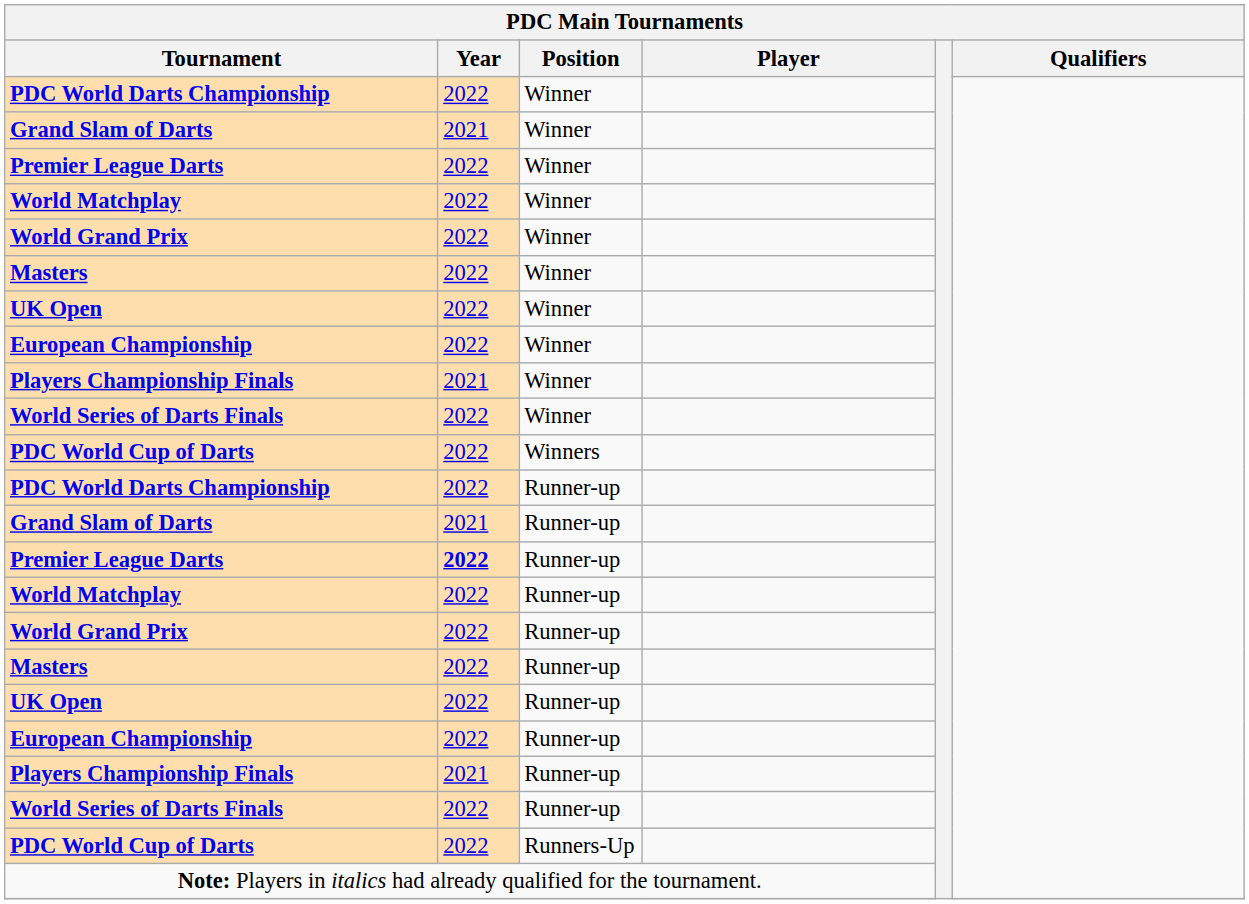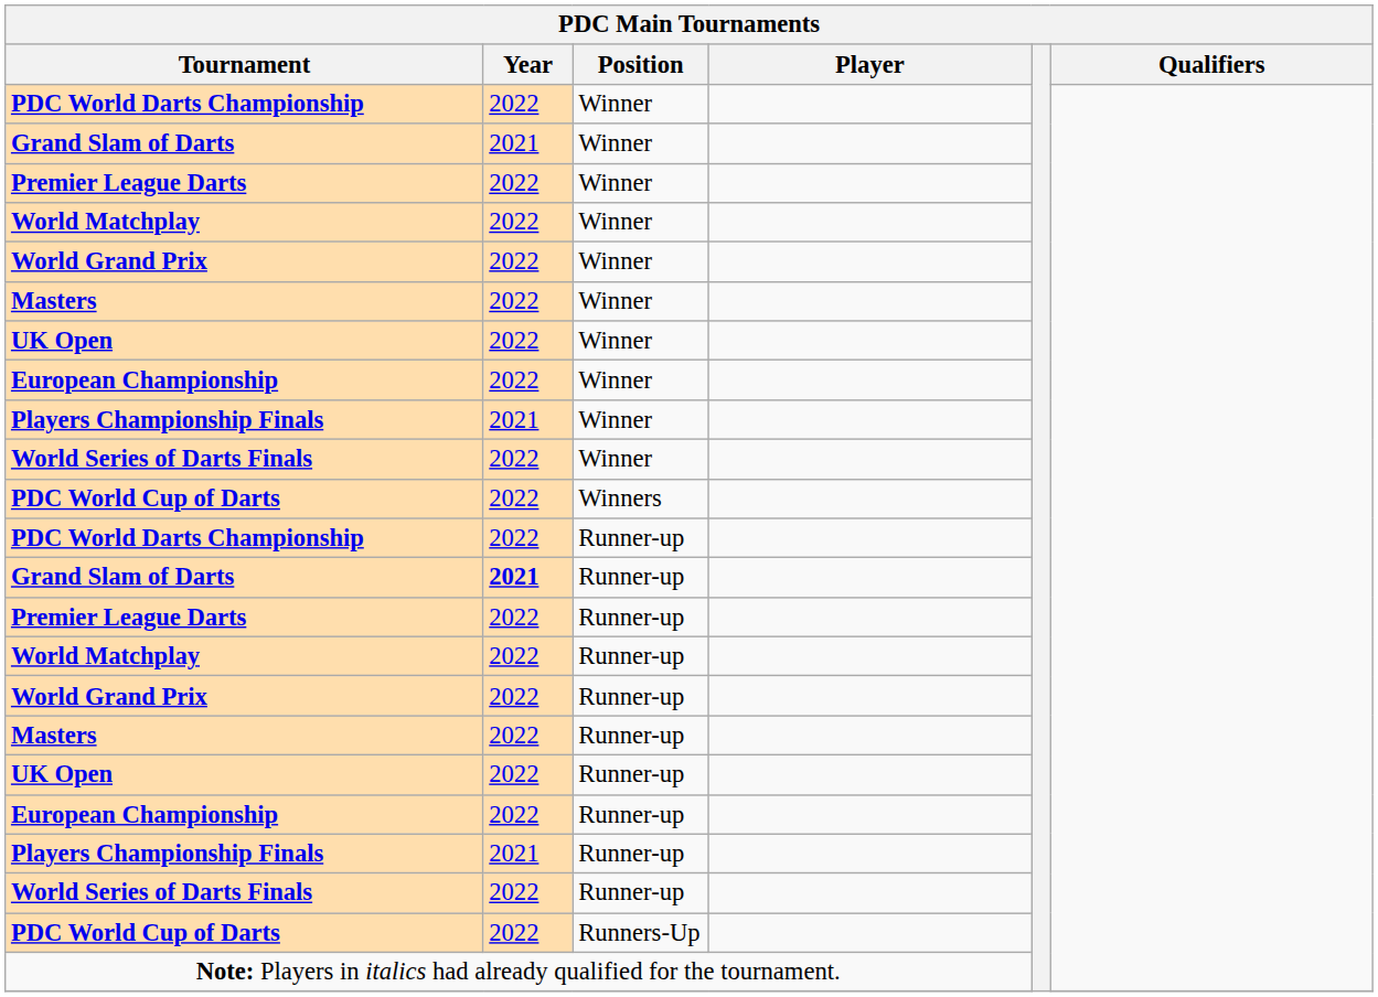 <table class="wikitable">
 <tr>
 <th colspan=6>PDC Main Tournaments</th>
 </tr>
 <tr>
 <th width=300>Tournament</th>
 <th width=50>Year</th>
 <th width=80>Position</th>
 <th width=200>Player</th>
 <th rowspan=28 width=5></th>
 <th width=200>Qualifiers</th>
 </tr>
 <tr>
 <td style="background:#ffdead;"><strong><a href='#'>PDC World Darts Championship</a></strong></td>
 <td style="background:#ffdead;"><a href='#'>2022</a></td>
 <td>Winner</td>
 <td></td>
 <td rowspan=23><br><br><br><br><br><br><br><br><br><br><br><br><br></td>
 </tr>
 <tr>
 <td style="background:#ffdead;"><strong><a href='#'>Grand Slam of Darts</a></strong></td>
 <td style="background:#ffdead;"><a href='#'>2021</a></td>
 <td>Winner</td>
 <td></td>
 </tr>
 <tr>
 <td style="background:#ffdead;"><strong><a href='#'>Premier League Darts</a></strong></td>
 <td style="background:#ffdead;"><a href='#'>2022</a></td>
 <td>Winner</td>
 <td></td>
 </tr>
 <tr>
 <td style="background:#ffdead;"><strong><a href='#'>World Matchplay</a></strong></td>
 <td style="background:#ffdead;"><a href='#'>2022</a></td>
 <td>Winner</td>
 <td><em></em></td>
 </tr>
 <tr>
 <td style="background:#ffdead;"><strong><a href='#'>World Grand Prix</a></strong></td>
 <td style="background:#ffdead;"><a href='#'>2022</a></td>
 <td>Winner</td>
 <td><em></em></td>
 </tr>
 <tr>
 <td style="background:#ffdead;"><strong><a href='#'>Masters</a></strong></td>
 <td style="background:#ffdead;"><a href='#'>2022</a></td>
 <td>Winner</td>
 <td></td>
 </tr>
 <tr>
 <td style="background:#ffdead;"><strong><a href='#'>UK Open</a></strong></td>
 <td style="background:#ffdead;"><a href='#'>2022</a></td>
 <td>Winner</td>
 <td></td>
 </tr>
 <tr>
 <td style="background:#ffdead;"><strong><a href='#'>European Championship</a></strong></td>
 <td style="background:#ffdead;"><a href='#'>2022</a></td>
 <td>Winner</td>
 <td></td>
 </tr>
 <tr>
 <td style="background:#ffdead;"><strong><a href='#'>Players Championship Finals</a></strong></td>
 <td style="background:#ffdead;"><a href='#'>2021</a></td>
 <td>Winner</td>
 <td><em></em></td>
 </tr>
 <tr>
 <td style="background:#ffdead;"><strong><a href='#'>World Series of Darts Finals</a></strong></td>
 <td style="background:#ffdead;"><a href='#'>2022</a></td>
 <td>Winner</td>
 <td><em></em></td>
 </tr>
 <tr>
 <td style="background:#ffdead;"><strong><a href='#'>PDC World Cup of Darts</a></strong></td>
 <td style="background:#ffdead;"><a href='#'>2022</a></td>
 <td>Winners</td>
 <td><br></td>
 </tr>
 <tr>
 <td style="background:#ffdead;"><strong><a href='#'>PDC World Darts Championship</a></strong></td>
 <td style="background:#ffdead;"><a href='#'>2022</a></td>
 <td>Runner-up</td>
 <td></td>
 </tr>
 <tr>
 <td style="background:#ffdead;"><strong><a href='#'>Grand Slam of Darts</a></strong></td>
-<td style="background:#ffdead;"><a href='#'>2021</a></td>
+<td style="background:#ffdead;"><strong><a href='#'>2021</a></strong></td>
 <td>Runner-up</td>
 <td><em></em></td>
 </tr>
 <tr>
 <td style="background:#ffdead;"><strong><a href='#'>Premier League Darts</a></strong></td>
-<td style="background:#ffdead;"><strong><a href='#'>2022</a></strong></td>
+<td style="background:#ffdead;"><a href='#'>2022</a></td>
 <td>Runner-up</td>
 <td><em></em></td>
 </tr>
 <tr>
 <td style="background:#ffdead;"><strong><a href='#'>World Matchplay</a></strong></td>
 <td style="background:#ffdead;"><a href='#'>2022</a></td>
 <td>Runner-up</td>
 <td><em></em></td>
 </tr>
 <tr>
 <td style="background:#ffdead;"><strong><a href='#'>World Grand Prix</a></strong></td>
 <td style="background:#ffdead;"><a href='#'>2022</a></td>
 <td>Runner-up</td>
 <td></td>
 </tr>
 <tr>
 <td style="background:#ffdead;"><strong><a href='#'>Masters</a></strong></td>
 <td style="background:#ffdead;"><a href='#'>2022</a></td>
 <td>Runner-up</td>
 <td></td>
 </tr>
 <tr>
 <td style="background:#ffdead;"><strong><a href='#'>UK Open</a></strong></td>
 <td style="background:#ffdead;"><a href='#'>2022</a></td>
 <td>Runner-up</td>
 <td><em></em></td>
 </tr>
 <tr>
 <td style="background:#ffdead;"><strong><a href='#'>European Championship</a></strong></td>
 <td style="background:#ffdead;"><a href='#'>2022</a></td>
 <td>Runner-up</td>
 <td><em></em></td>
 </tr>
 <tr>
 <td style="background:#ffdead;"><strong><a href='#'>Players Championship Finals</a></strong></td>
 <td style="background:#ffdead;"><a href='#'>2021</a></td>
 <td>Runner-up</td>
 <td></td>
 </tr>
 <tr>
 <td style="background:#ffdead;"><strong><a href='#'>World Series of Darts Finals</a></strong></td>
 <td style="background:#ffdead;"><a href='#'>2022</a></td>
 <td>Runner-up</td>
 <td></td>
 </tr>
 <tr>
 <td style="background:#ffdead;"><strong><a href='#'>PDC World Cup of Darts</a></strong></td>
 <td style="background:#ffdead;"><a href='#'>2022</a></td>
 <td>Runners-Up</td>
 <td><em></em><br></td>
 </tr>
 <tr>
 <td colspan=4 style="text-align:center"><strong>Note:</strong> Players in <em>italics</em> had already qualified for the tournament.</td>
 </tr>
 <tr>
 </tr>
 </table>
